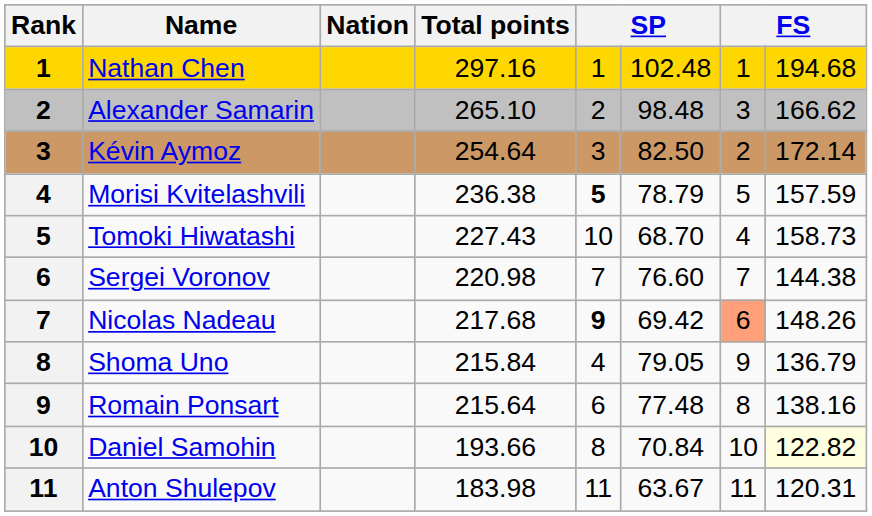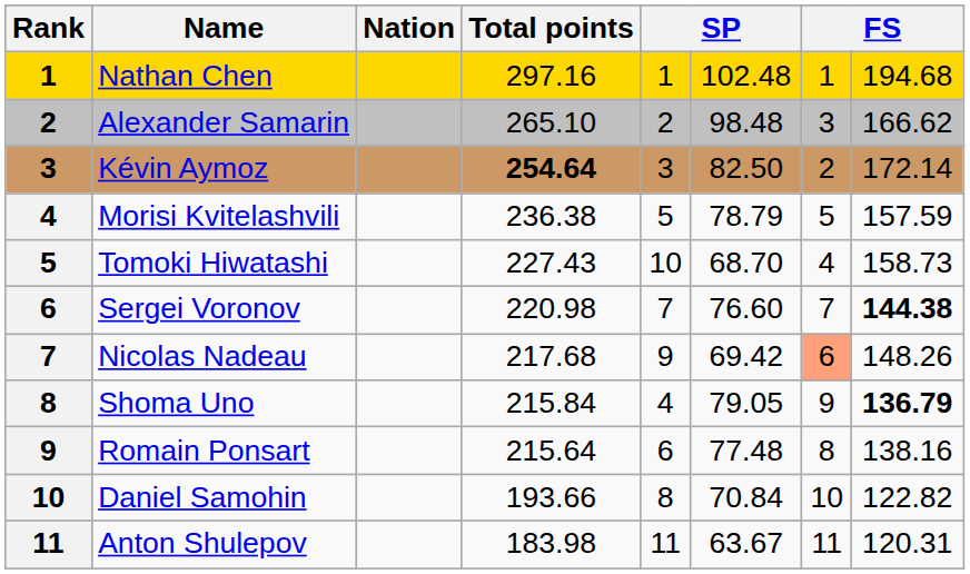 <table class="wikitable sortable">
 <tr>
 <th>Rank</th>
 <th>Name</th>
 <th>Nation</th>
 <th>Total points</th>
 <th colspan="2" width="80px"><a href='#'>SP</a></th>
 <th colspan="2" width="80px"><a href='#'>FS</a></th>
 </tr>
 <tr bgcolor="gold">
 <td align="center"><strong>1</strong></td>
 <td><a href='#'>Nathan Chen</a></td>
 <td></td>
 <td align="center">297.16</td>
 <td align="center">1</td>
 <td align="center">102.48</td>
 <td align="center">1</td>
 <td align="center">194.68</td>
 </tr>
 <tr bgcolor="silver">
 <td align="center"><strong>2</strong></td>
 <td><a href='#'>Alexander Samarin</a></td>
 <td></td>
 <td align="center">265.10</td>
 <td align="center">2</td>
 <td align="center">98.48</td>
 <td align="center">3</td>
 <td align="center">166.62</td>
 </tr>
 <tr bgcolor="cc9966">
 <td align="center"><strong>3</strong></td>
 <td><a href='#'>Kévin Aymoz</a></td>
 <td></td>
-<td align="center">254.64</td>
+<td align="center"><strong>254.64</strong></td>
 <td align="center">3</td>
 <td align="center">82.50</td>
 <td align="center">2</td>
 <td align="center">172.14</td>
 </tr>
 <tr>
 <th>4</th>
 <td><a href='#'>Morisi Kvitelashvili</a></td>
 <td></td>
 <td align="center">236.38</td>
-<td align="center"><strong>5</strong></td>
+<td align="center">5</td>
 <td align="center">78.79</td>
 <td align="center">5</td>
 <td align="center">157.59</td>
 </tr>
 <tr>
 <th>5</th>
 <td><a href='#'>Tomoki Hiwatashi</a></td>
 <td></td>
 <td align="center">227.43</td>
 <td align="center">10</td>
 <td align="center">68.70</td>
 <td align="center">4</td>
 <td align="center">158.73</td>
 </tr>
 <tr>
 <th>6</th>
 <td><a href='#'>Sergei Voronov</a></td>
 <td></td>
 <td align="center">220.98</td>
 <td align="center">7</td>
 <td align="center">76.60</td>
 <td align="center">7</td>
-<td align="center">144.38</td>
+<td align="center"><strong>144.38</strong></td>
 </tr>
 <tr>
 <th>7</th>
 <td><a href='#'>Nicolas Nadeau</a></td>
 <td></td>
 <td align="center">217.68</td>
-<td align="center"><strong>9</strong></td>
+<td align="center">9</td>
 <td align="center">69.42</td>
 <td align="center" style="background: lightsalmon;">6</td>
 <td align="center">148.26</td>
 </tr>
 <tr>
 <th>8</th>
 <td><a href='#'>Shoma Uno</a></td>
 <td></td>
 <td align="center">215.84</td>
 <td align="center">4</td>
 <td align="center">79.05</td>
 <td align="center">9</td>
-<td align="center">136.79</td>
+<td align="center"><strong>136.79</strong></td>
 </tr>
 <tr>
 <th>9</th>
 <td><a href='#'>Romain Ponsart</a></td>
 <td></td>
 <td align="center">215.64</td>
 <td align="center">6</td>
 <td align="center">77.48</td>
 <td align="center">8</td>
 <td align="center">138.16</td>
 </tr>
 <tr>
 <th>10</th>
 <td><a href='#'>Daniel Samohin</a></td>
 <td></td>
 <td align="center">193.66</td>
 <td align="center">8</td>
 <td align="center">70.84</td>
 <td align="center">10</td>
-<td align="center" style="background: lightyellow;">122.82</td>
+<td align="center">122.82</td>
 </tr>
 <tr>
 <th>11</th>
 <td><a href='#'>Anton Shulepov</a></td>
 <td></td>
 <td align="center">183.98</td>
 <td align="center">11</td>
 <td align="center">63.67</td>
 <td align="center">11</td>
 <td align="center">120.31</td>
 </tr>
 </table>
